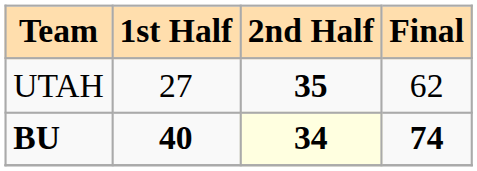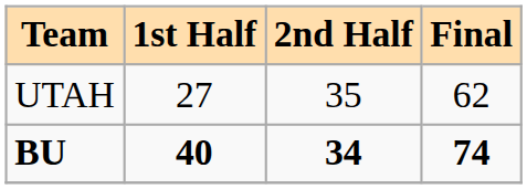 <table class="wikitable" align=right>
 <tr bgcolor=#ffdead align=center>
 <td><strong>Team</strong></td>
 <td><strong>1st Half</strong></td>
 <td><strong>2nd Half</strong></td>
 <td><strong>Final</strong></td>
 </tr>
 <tr>
 <td>UTAH</td>
 <td align=center>27</td>
-<td align=center><strong>35</strong></td>
+<td align=center>35</td>
 <td align=center>62</td>
 </tr>
 <tr>
 <td><strong>BU</strong></td>
 <td align=center><strong>40</strong></td>
-<td align=center style="background: lightyellow;"><strong>34</strong></td>
+<td align=center><strong>34</strong></td>
 <td align=center><strong>74</strong></td>
 </tr>
 <tr>
 </tr>
 </table>
